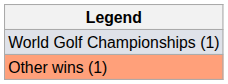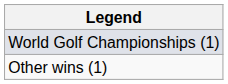 <table class="wikitable" style="font-size:95%;">
 <tr>
 <th>Legend</th>
 </tr>
 <tr style="background:#dfe2e9;">
 <td>World Golf Championships (1)</td>
 </tr>
 <tr>
-<td style="background: lightsalmon;">Other wins (1)</td>
+<td>Other wins (1)</td>
 </tr>
 </table>
